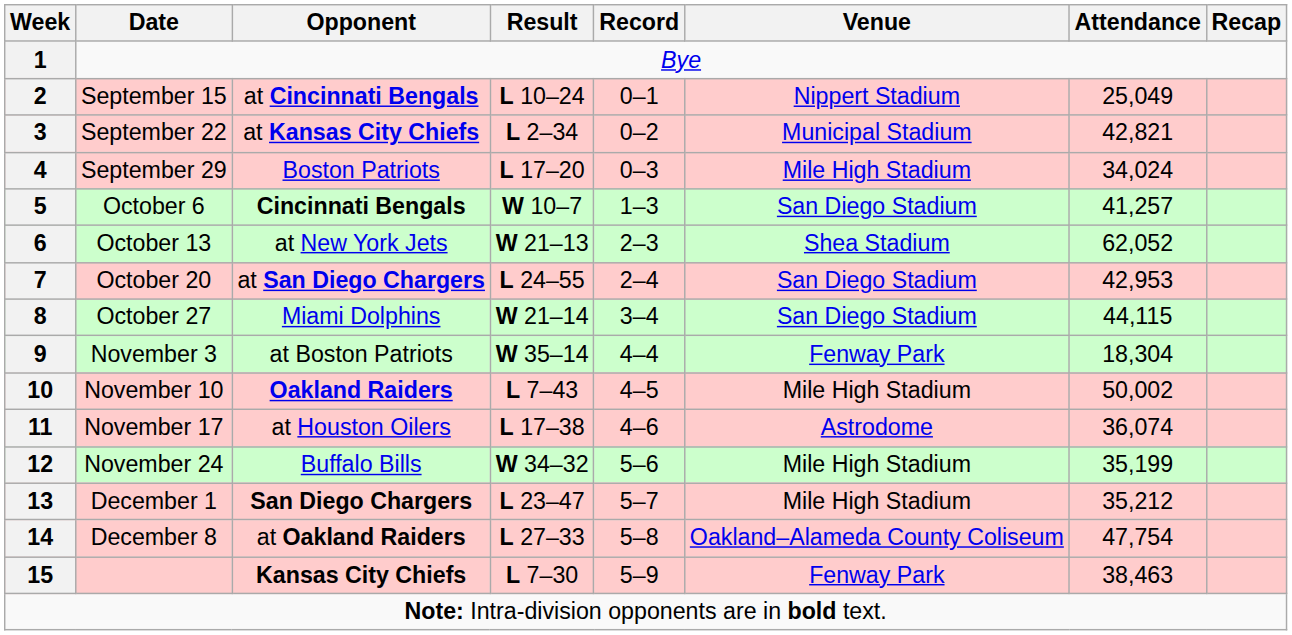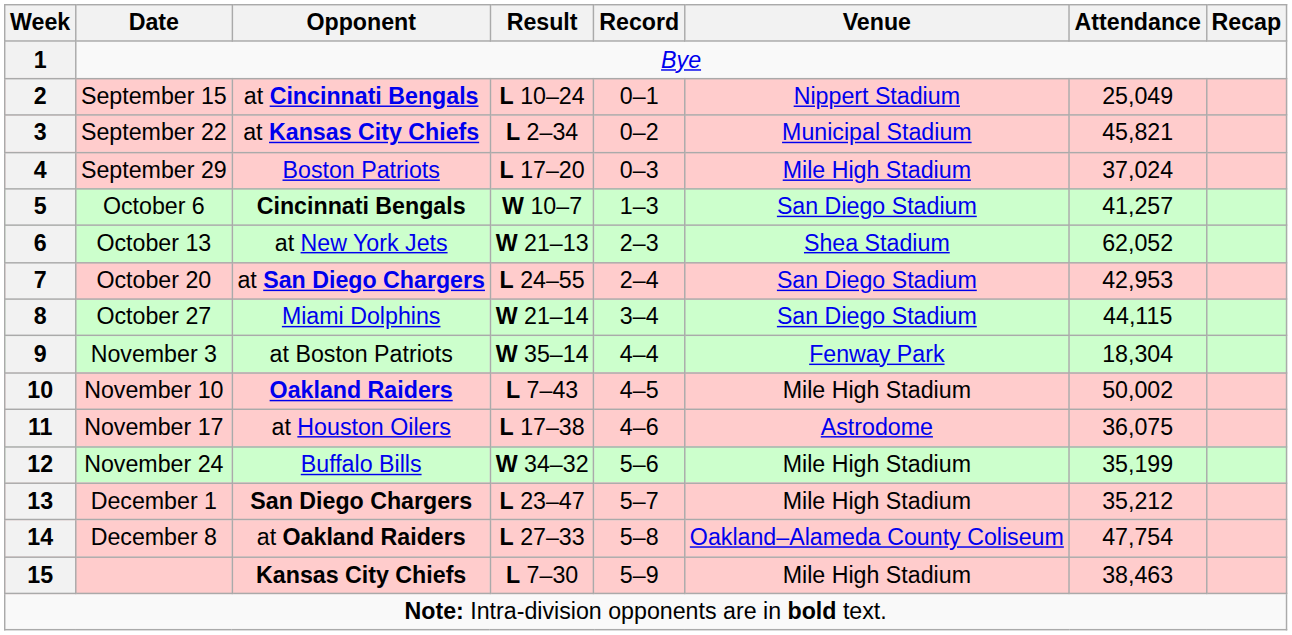 <table class="wikitable" style="text-align:center">
 <tr>
 <th>Week</th>
 <th>Date</th>
 <th>Opponent</th>
 <th>Result</th>
 <th>Record</th>
 <th>Venue</th>
 <th>Attendance</th>
 <th>Recap</th>
 </tr>
 <tr>
 <th>1</th>
 <td colspan=7 align="center"><em><a href='#'>Bye</a></em></td>
 </tr>
 <tr style="background:#fcc">
 <th>2</th>
 <td>September 15</td>
 <td>at <strong><a href='#'>Cincinnati Bengals</a></strong></td>
 <td><strong>L</strong> 10–24</td>
 <td>0–1</td>
 <td><a href='#'>Nippert Stadium</a></td>
 <td>25,049</td>
 <td></td>
 </tr>
 <tr style="background:#fcc">
 <th>3</th>
 <td>September 22</td>
 <td>at <strong><a href='#'>Kansas City Chiefs</a></strong></td>
 <td><strong>L</strong> 2–34</td>
 <td>0–2</td>
 <td><a href='#'>Municipal Stadium</a></td>
-<td>42,821</td>
+<td>45,821</td>
 <td></td>
 </tr>
 <tr style="background:#fcc">
 <th>4</th>
 <td>September 29</td>
 <td><a href='#'>Boston Patriots</a></td>
 <td><strong>L</strong> 17–20</td>
 <td>0–3</td>
 <td><a href='#'>Mile High Stadium</a></td>
-<td>34,024</td>
+<td>37,024</td>
 <td></td>
 </tr>
 <tr style="background:#cfc">
 <th>5</th>
 <td>October 6</td>
 <td><strong>Cincinnati Bengals</strong></td>
 <td><strong>W</strong> 10–7</td>
 <td>1–3</td>
 <td><a href='#'>San Diego Stadium</a></td>
 <td>41,257</td>
 <td></td>
 </tr>
 <tr style="background:#cfc">
 <th>6</th>
 <td>October 13</td>
 <td>at <a href='#'>New York Jets</a></td>
 <td><strong>W</strong> 21–13</td>
 <td>2–3</td>
 <td><a href='#'>Shea Stadium</a></td>
 <td>62,052</td>
 <td></td>
 </tr>
 <tr style="background:#fcc">
 <th>7</th>
 <td>October 20</td>
 <td>at <strong><a href='#'>San Diego Chargers</a></strong></td>
 <td><strong>L</strong> 24–55</td>
 <td>2–4</td>
 <td><a href='#'>San Diego Stadium</a></td>
 <td>42,953</td>
 <td></td>
 </tr>
 <tr style="background:#cfc">
 <th>8</th>
 <td>October 27</td>
 <td><a href='#'>Miami Dolphins</a></td>
 <td><strong>W</strong> 21–14</td>
 <td>3–4</td>
 <td><a href='#'>San Diego Stadium</a></td>
 <td>44,115</td>
 <td></td>
 </tr>
 <tr style="background:#cfc">
 <th>9</th>
 <td>November 3</td>
 <td>at Boston Patriots</td>
 <td><strong>W</strong> 35–14</td>
 <td>4–4</td>
 <td><a href='#'>Fenway Park</a></td>
 <td>18,304</td>
 <td></td>
 </tr>
 <tr style="background:#fcc">
 <th>10</th>
 <td>November 10</td>
 <td><strong><a href='#'>Oakland Raiders</a></strong></td>
 <td><strong>L</strong> 7–43</td>
 <td>4–5</td>
 <td>Mile High Stadium</td>
 <td>50,002</td>
 <td></td>
 </tr>
 <tr style="background:#fcc">
 <th>11</th>
 <td>November 17</td>
 <td>at <a href='#'>Houston Oilers</a></td>
 <td><strong>L</strong> 17–38</td>
 <td>4–6</td>
 <td><a href='#'>Astrodome</a></td>
-<td>36,074</td>
+<td>36,075</td>
 <td></td>
 </tr>
 <tr style="background:#cfc">
 <th>12</th>
 <td>November 24</td>
 <td><a href='#'>Buffalo Bills</a></td>
 <td><strong>W</strong> 34–32</td>
 <td>5–6</td>
 <td>Mile High Stadium</td>
 <td>35,199</td>
 <td></td>
 </tr>
 <tr style="background:#fcc">
 <th>13</th>
 <td>December 1</td>
 <td><strong>San Diego Chargers</strong></td>
 <td><strong>L</strong> 23–47</td>
 <td>5–7</td>
 <td>Mile High Stadium</td>
 <td>35,212</td>
 <td></td>
 </tr>
 <tr style="background:#fcc">
 <th>14</th>
 <td>December 8</td>
 <td>at <strong>Oakland Raiders</strong></td>
 <td><strong>L</strong> 27–33</td>
 <td>5–8</td>
 <td><a href='#'>Oakland–Alameda County Coliseum</a></td>
 <td>47,754</td>
 <td></td>
 </tr>
 <tr style="background:#fcc">
 <th>15</th>
 <td></td>
 <td><strong>Kansas City Chiefs</strong></td>
 <td><strong>L</strong> 7–30</td>
 <td>5–9</td>
-<td><a href='#'>Fenway Park</a></td>
+<td>Mile High Stadium</td>
 <td>38,463</td>
 <td></td>
 </tr>
 <tr>
 <td colspan="8"><strong>Note:</strong> Intra-division opponents are in <strong>bold</strong> text.</td>
 </tr>
 </table>
